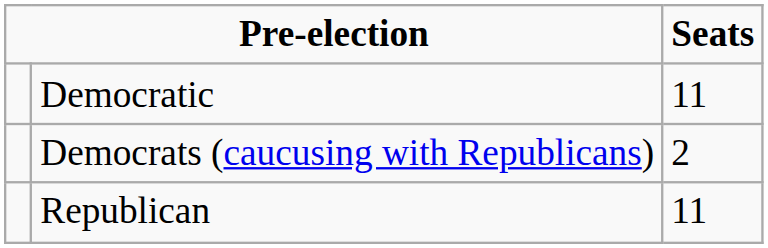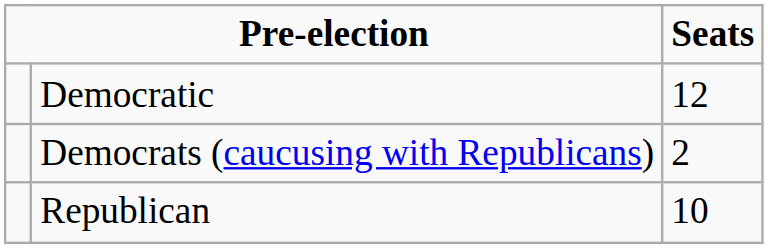 <table class="wikitable">
 <tr>
 <td colspan="2"  style="text-align:center; vertical-align:top;"><strong>Pre-election</strong></td>
 <td style="vertical-align:top;"><strong>Seats</strong><br></td>
 </tr>
 <tr>
 <td style="background-color:"> </td>
 <td>Democratic</td>
-<td>11</td>
+<td>12</td>
 </tr>
 <tr>
 <td style="background-color:"> </td>
 <td>Democrats (<a href='#'>caucusing with Republicans</a>)</td>
 <td>2</td>
 </tr>
 <tr>
 <td style="background-color:"> </td>
 <td>Republican</td>
-<td>11</td>
+<td>10</td>
 </tr>
 </table>
